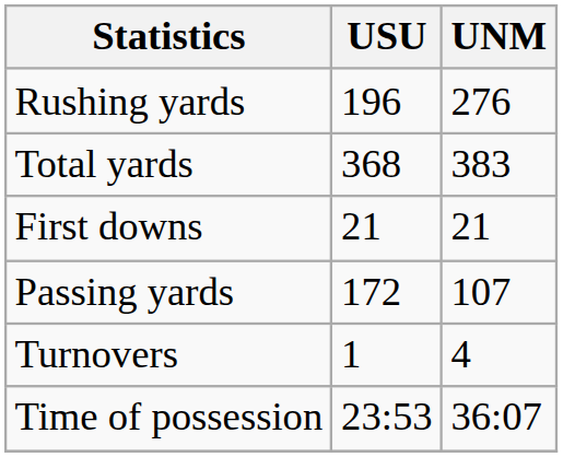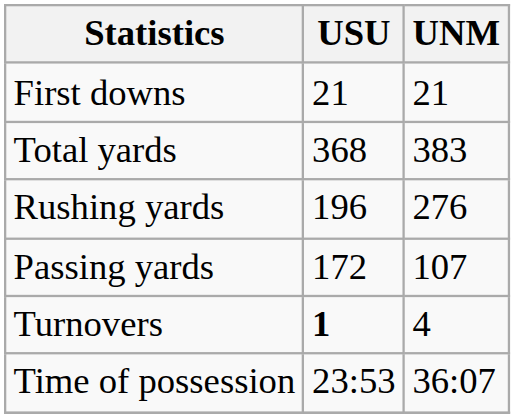 <table class="wikitable">
 <tr>
 <th>Statistics</th>
 <th>USU</th>
 <th>UNM</th>
 </tr>
 <tr>
-<td>Rushing yards</td>
-<td>196</td>
-<td>276</td>
+<td>First downs</td>
+<td>21</td>
+<td>21</td>
 </tr>
 <tr>
 <td>Total yards</td>
 <td>368</td>
 <td>383</td>
 </tr>
 <tr>
-<td>First downs</td>
-<td>21</td>
-<td>21</td>
+<td>Rushing yards</td>
+<td>196</td>
+<td>276</td>
 </tr>
 <tr>
 <td>Passing yards</td>
 <td>172</td>
 <td>107</td>
 </tr>
 <tr>
 <td>Turnovers</td>
-<td>1</td>
+<td><strong>1</strong></td>
 <td>4</td>
 </tr>
 <tr>
 <td>Time of possession</td>
 <td>23:53</td>
 <td>36:07</td>
 </tr>
 <tr>
 </tr>
 </table>
